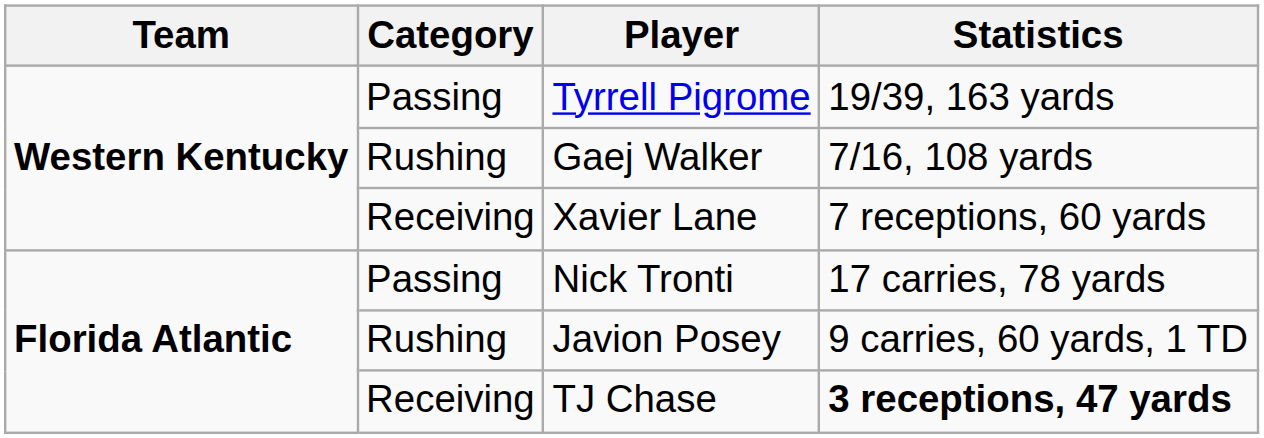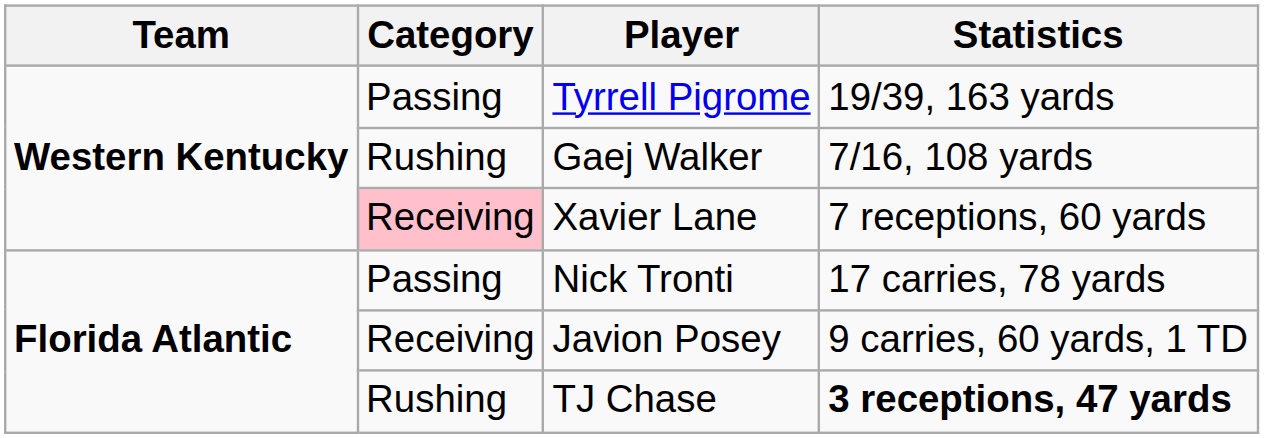 <table class="wikitable" style="float: left;">
 <tr>
 <th>Team</th>
 <th>Category</th>
 <th>Player</th>
 <th>Statistics</th>
 </tr>
 <tr>
 <td rowspan=3><strong>Western Kentucky</strong></td>
 <td>Passing</td>
 <td><a href='#'>Tyrrell Pigrome</a></td>
 <td>19/39, 163 yards</td>
 </tr>
 <tr>
 <td>Rushing</td>
 <td>Gaej Walker</td>
 <td>7/16, 108 yards</td>
 </tr>
 <tr>
-<td>Receiving</td>
+<td style="background: pink;">Receiving</td>
 <td>Xavier Lane</td>
 <td>7 receptions, 60 yards</td>
 </tr>
 <tr>
 <td rowspan=3><strong>Florida Atlantic</strong></td>
 <td>Passing</td>
 <td>Nick Tronti</td>
 <td>17 carries, 78 yards</td>
 </tr>
 <tr>
-<td>Rushing</td>
+<td>Receiving</td>
 <td>Javion Posey</td>
 <td>9 carries, 60 yards, 1 TD</td>
 </tr>
 <tr>
-<td>Receiving</td>
+<td>Rushing</td>
 <td>TJ Chase</td>
 <td><strong>3 receptions, 47 yards</strong></td>
 </tr>
 </table>
